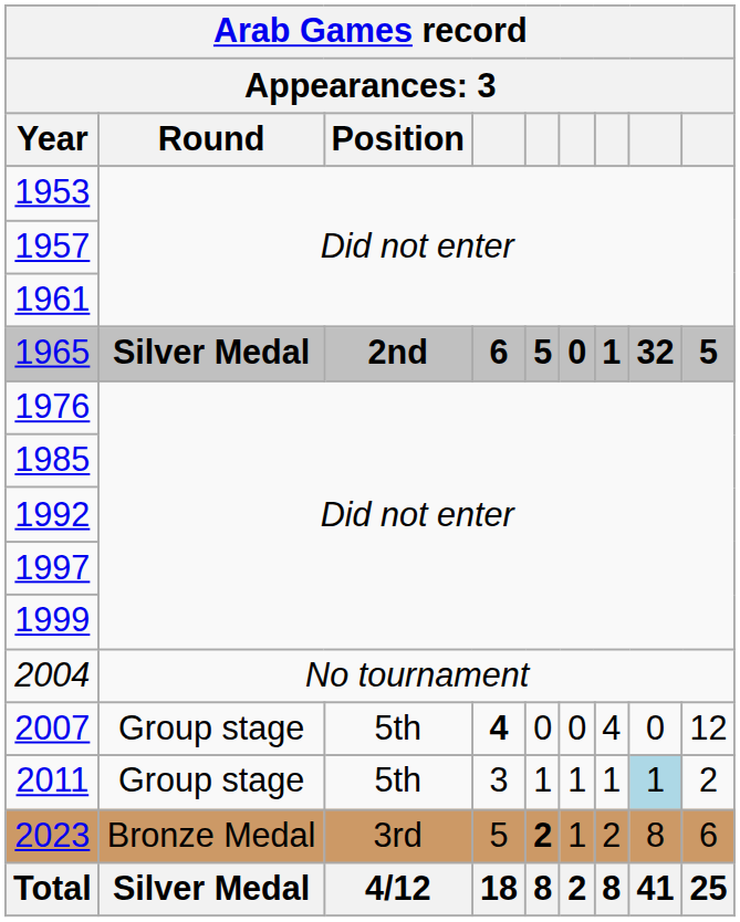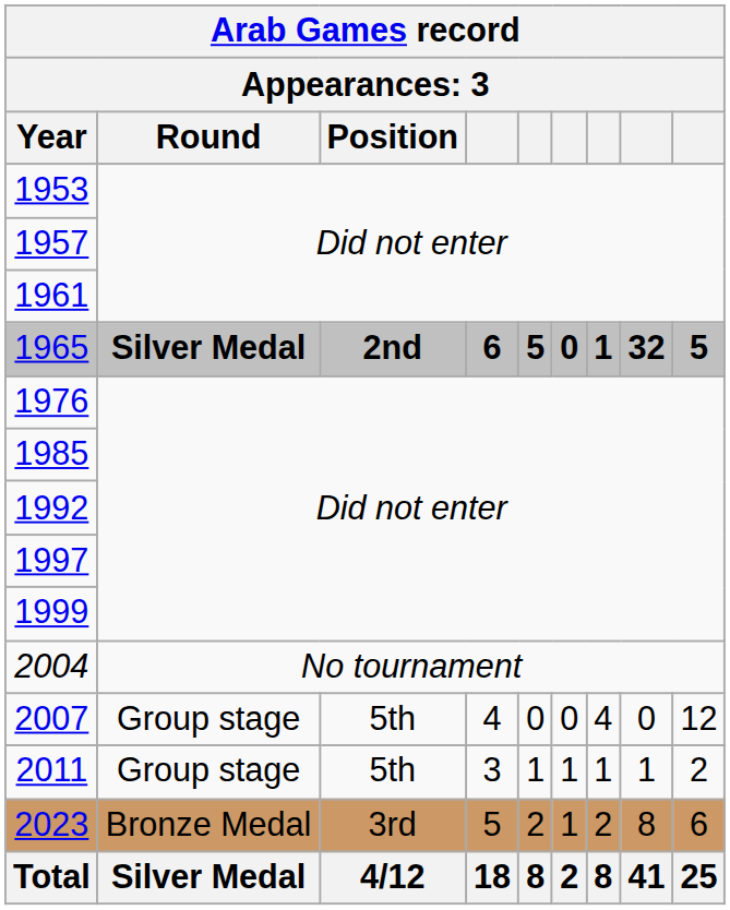 <table class="wikitable" style="text-align: center;">
 <tr>
 <th colspan=9><a href='#'>Arab Games</a> record</th>
 </tr>
 <tr>
 <th colspan=9>Appearances: 3</th>
 </tr>
 <tr>
 <th>Year</th>
 <th>Round</th>
 <th>Position</th>
 <th></th>
 <th></th>
 <th></th>
 <th></th>
 <th></th>
 <th></th>
 </tr>
 <tr>
 <td> <a href='#'>1953</a></td>
 <td colspan=8 rowspan=3><em>Did not enter</em></td>
 </tr>
 <tr>
 <td> <a href='#'>1957</a></td>
 </tr>
 <tr>
 <td> <a href='#'>1961</a></td>
 </tr>
 <tr style="background:silver;">
 <td> <a href='#'>1965</a></td>
 <td><strong>Silver Medal</strong></td>
 <td><strong>2nd</strong></td>
 <td><strong>6</strong></td>
 <td><strong>5</strong></td>
 <td><strong>0</strong></td>
 <td><strong>1</strong></td>
 <td><strong>32</strong></td>
 <td><strong>5</strong></td>
 </tr>
 <tr>
 <td> <a href='#'>1976</a></td>
 <td colspan=8 rowspan=5><em>Did not enter</em></td>
 </tr>
 <tr>
 <td> <a href='#'>1985</a></td>
 </tr>
 <tr>
 <td> <a href='#'>1992</a></td>
 </tr>
 <tr>
 <td> <a href='#'>1997</a></td>
 </tr>
 <tr>
 <td> <a href='#'>1999</a></td>
 </tr>
 <tr>
 <td> <em>2004</em></td>
 <td colspan=8><em>No tournament</em></td>
 </tr>
 <tr>
 <td> <a href='#'>2007</a></td>
 <td>Group stage</td>
 <td>5th</td>
-<td><strong>4</strong></td>
+<td>4</td>
 <td>0</td>
 <td>0</td>
 <td>4</td>
 <td>0</td>
 <td>12</td>
 </tr>
 <tr>
 <td> <a href='#'>2011</a></td>
 <td>Group stage</td>
 <td>5th</td>
 <td>3</td>
 <td>1</td>
 <td>1</td>
 <td>1</td>
-<td style="background: lightblue;">1</td>
+<td>1</td>
 <td>2</td>
 </tr>
 <tr style="background:#c96;">
 <td> <a href='#'>2023</a></td>
 <td>Bronze Medal</td>
 <td>3rd</td>
 <td>5</td>
-<td><strong>2</strong></td>
+<td>2</td>
 <td>1</td>
 <td>2</td>
 <td>8</td>
 <td>6</td>
 </tr>
 <tr>
 <th>Total</th>
 <th>Silver Medal</th>
 <th>4/12</th>
 <th>18</th>
 <th>8</th>
 <th>2</th>
 <th>8</th>
 <th>41</th>
 <th>25</th>
 </tr>
 </table>
